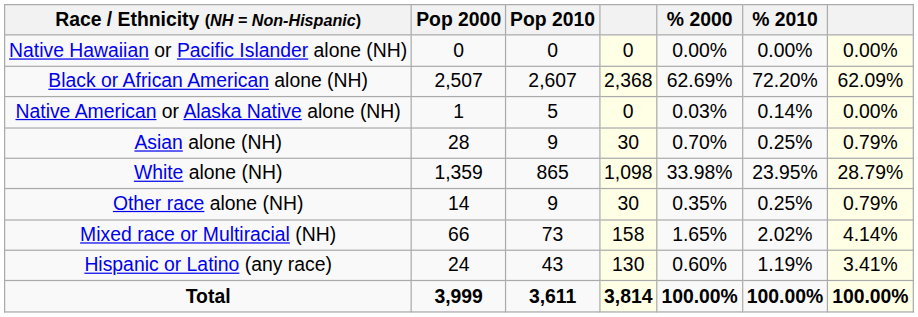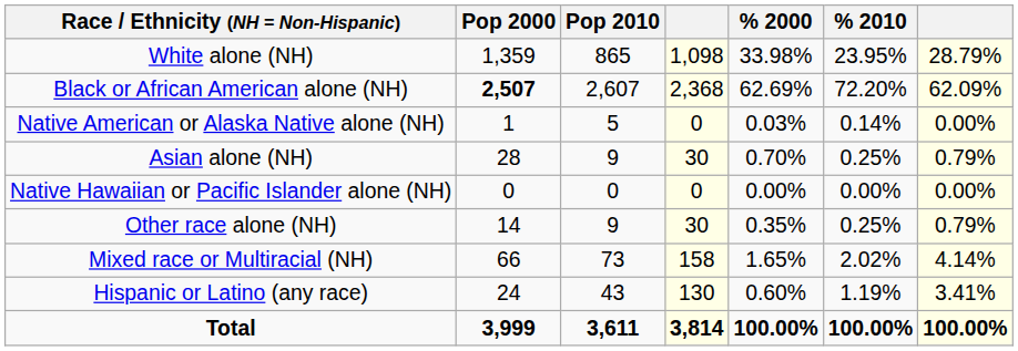 <table class="wikitable" style="text-align:center;">
 <tr>
 <th>Race / Ethnicity <small>(<em>NH = Non-Hispanic</em>)</small></th>
 <th>Pop 2000</th>
 <th>Pop 2010</th>
 <th></th>
 <th>% 2000</th>
 <th>% 2010</th>
 <th></th>
 </tr>
 <tr>
-<td><a href='#'>Native Hawaiian</a> or <a href='#'>Pacific Islander</a> alone (NH)</td>
-<td>0</td>
-<td>0</td>
-<td style='background: #ffffe6;'>0</td>
-<td>0.00%</td>
-<td>0.00%</td>
-<td style='background: #ffffe6;'>0.00%</td>
+<td><a href='#'>White</a> alone (NH)</td>
+<td>1,359</td>
+<td>865</td>
+<td style='background: #ffffe6;'>1,098</td>
+<td>33.98%</td>
+<td>23.95%</td>
+<td style='background: #ffffe6;'>28.79%</td>
 </tr>
 <tr>
 <td><a href='#'>Black or African American</a> alone (NH)</td>
-<td>2,507</td>
+<td><strong>2,507</strong></td>
 <td>2,607</td>
 <td style='background: #ffffe6;'>2,368</td>
 <td>62.69%</td>
 <td>72.20%</td>
 <td style='background: #ffffe6;'>62.09%</td>
 </tr>
 <tr>
 <td><a href='#'>Native American</a> or <a href='#'>Alaska Native</a> alone (NH)</td>
 <td>1</td>
 <td>5</td>
 <td style='background: #ffffe6;'>0</td>
 <td>0.03%</td>
 <td>0.14%</td>
 <td style='background: #ffffe6;'>0.00%</td>
 </tr>
 <tr>
 <td><a href='#'>Asian</a> alone (NH)</td>
 <td>28</td>
 <td>9</td>
 <td style='background: #ffffe6;'>30</td>
 <td>0.70%</td>
 <td>0.25%</td>
 <td style='background: #ffffe6;'>0.79%</td>
 </tr>
 <tr>
-<td><a href='#'>White</a> alone (NH)</td>
-<td>1,359</td>
-<td>865</td>
-<td style='background: #ffffe6;'>1,098</td>
-<td>33.98%</td>
-<td>23.95%</td>
-<td style='background: #ffffe6;'>28.79%</td>
+<td><a href='#'>Native Hawaiian</a> or <a href='#'>Pacific Islander</a> alone (NH)</td>
+<td>0</td>
+<td>0</td>
+<td style='background: #ffffe6;'>0</td>
+<td>0.00%</td>
+<td>0.00%</td>
+<td style='background: #ffffe6;'>0.00%</td>
 </tr>
 <tr>
 <td><a href='#'>Other race</a> alone (NH)</td>
 <td>14</td>
 <td>9</td>
 <td style='background: #ffffe6;'>30</td>
 <td>0.35%</td>
 <td>0.25%</td>
 <td style='background: #ffffe6;'>0.79%</td>
 </tr>
 <tr>
 <td><a href='#'>Mixed race or Multiracial</a> (NH)</td>
 <td>66</td>
 <td>73</td>
 <td style='background: #ffffe6;'>158</td>
 <td>1.65%</td>
 <td>2.02%</td>
 <td style='background: #ffffe6;'>4.14%</td>
 </tr>
 <tr>
 <td><a href='#'>Hispanic or Latino</a> (any race)</td>
 <td>24</td>
 <td>43</td>
 <td style='background: #ffffe6;'>130</td>
 <td>0.60%</td>
 <td>1.19%</td>
 <td style='background: #ffffe6;'>3.41%</td>
 </tr>
 <tr>
 <td><strong>Total</strong></td>
 <td><strong>3,999</strong></td>
 <td><strong>3,611</strong></td>
 <td style='background: #ffffe6;'><strong>3,814</strong></td>
 <td><strong>100.00%</strong></td>
 <td><strong>100.00%</strong></td>
 <td style='background: #ffffe6;'><strong>100.00%</strong></td>
 </tr>
 </table>
